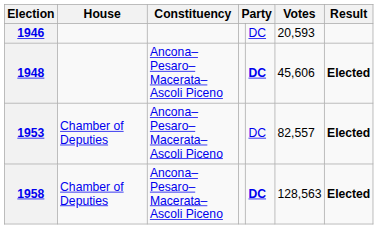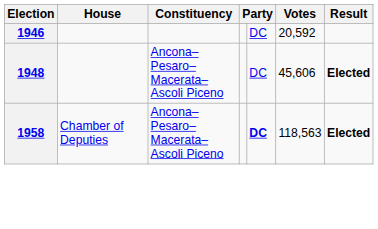 <table class=wikitable style="width:55%; border:1px #AAAAFF solid">
 <tr>
 <th width=12%>Election</th>
 <th width=25%>House</th>
 <th width=25%>Constituency</th>
 <th width=5% colspan="2">Party</th>
 <th width=12%>Votes</th>
 <th width=12%>Result</th>
 </tr>
 <tr>
 <th><a href='#'>1946</a></th>
 <td></td>
 <td></td>
 <td></td>
 <td><a href='#'>DC</a></td>
-<td>20,593</td>
+<td>20,592</td>
 <td></td>
 </tr>
 <tr>
 <th><a href='#'>1948</a></th>
 <td></td>
 <td><a href='#'>Ancona–Pesaro–Macerata–Ascoli Piceno</a></td>
 <td></td>
-<td><strong><a href='#'>DC</a></strong></td>
+<td><a href='#'>DC</a></td>
 <td>45,606</td>
-<td> <strong>Elected</strong></td>
-</tr>
-<tr>
-<th><a href='#'>1953</a></th>
-<td><a href='#'>Chamber of Deputies</a></td>
-<td><a href='#'>Ancona–Pesaro–Macerata–Ascoli Piceno</a></td>
-<td></td>
-<td><a href='#'>DC</a></td>
-<td>82,557</td>
 <td> <strong>Elected</strong></td>
 </tr>
 <tr>
 <th><a href='#'>1958</a></th>
 <td><a href='#'>Chamber of Deputies</a></td>
 <td><a href='#'>Ancona–Pesaro–Macerata–Ascoli Piceno</a></td>
 <td></td>
 <td><strong><a href='#'>DC</a></strong></td>
-<td>128,563</td>
+<td>118,563</td>
 <td> <strong>Elected</strong></td>
 </tr>
 </table>
